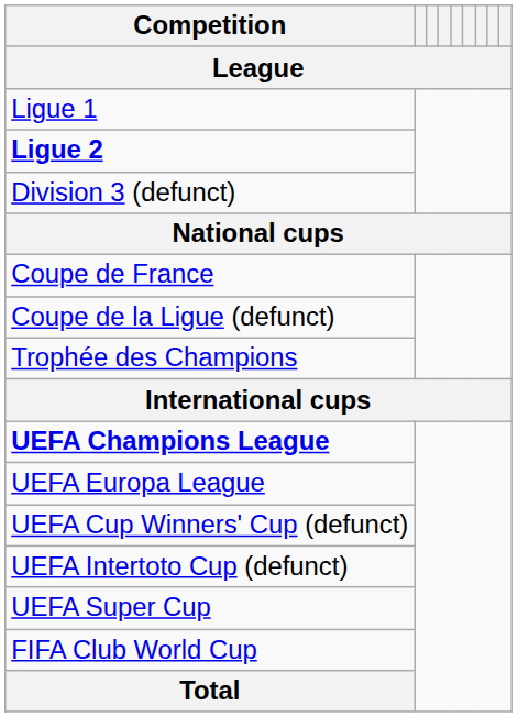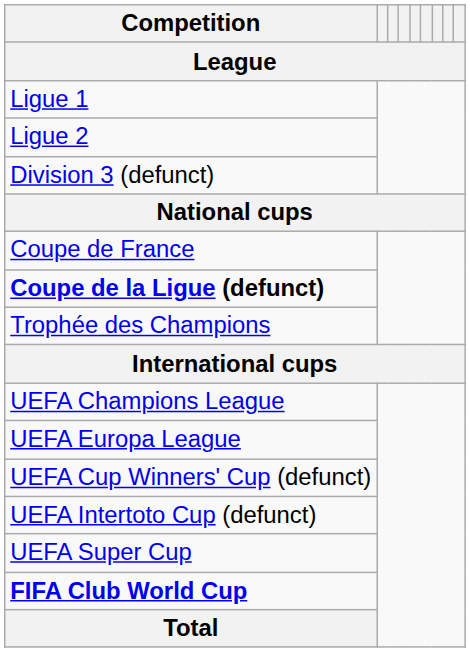 <table class="wikitable plainrowheaders sortable" style="text-align:center">
 <tr>
 <th>Competition</th>
 <th></th>
 <th></th>
 <th></th>
 <th></th>
 <th></th>
 <th></th>
 <th></th>
 <th></th>
 </tr>
 <tr>
 <th colspan=11><strong>League</strong></th>
 </tr>
 <tr>
 <td align=left><a href='#'>Ligue 1</a><br></td>
 </tr>
 <tr>
-<td align=left><strong><a href='#'>Ligue 2</a><br></strong></td>
+<td align=left><a href='#'>Ligue 2</a><br></td>
 </tr>
 <tr>
 <td align=left><a href='#'>Division 3</a> (defunct)<br></td>
 </tr>
 <tr>
 <th colspan=11><strong>National cups</strong></th>
 </tr>
 <tr>
 <td align=left><a href='#'>Coupe de France</a><br></td>
 </tr>
 <tr>
-<td align=left><a href='#'>Coupe de la Ligue</a> (defunct)<br></td>
+<td align=left><strong><a href='#'>Coupe de la Ligue</a> (defunct)<br></strong></td>
 </tr>
 <tr>
 <td align=left><a href='#'>Trophée des Champions</a><br></td>
 </tr>
 <tr>
 <th colspan=11><strong>International cups</strong></th>
 </tr>
 <tr>
-<td align=left><strong><a href='#'>UEFA Champions League</a><br></strong></td>
+<td align=left><a href='#'>UEFA Champions League</a><br></td>
 </tr>
 <tr>
 <td align=left><a href='#'>UEFA Europa League</a><br></td>
 </tr>
 <tr>
 <td align=left><a href='#'>UEFA Cup Winners' Cup</a> (defunct)<br></td>
 </tr>
 <tr>
 <td align=left><a href='#'>UEFA Intertoto Cup</a> (defunct)<br></td>
 </tr>
 <tr>
 <td align=left><a href='#'>UEFA Super Cup</a><br></td>
 </tr>
 <tr>
-<td align=left><a href='#'>FIFA Club World Cup</a><br></td>
+<td align=left><strong><a href='#'>FIFA Club World Cup</a><br></strong></td>
 </tr>
 <tr class=sortbottom>
 <th scope=row><strong>Total</strong><br></th>
 </tr>
 </table>
